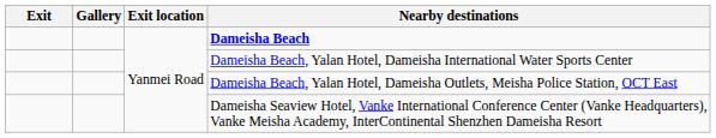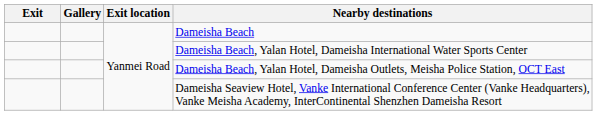 <table class="wikitable">
 <tr>
 <th style="width:70px">Exit</th>
 <th>Gallery</th>
 <th>Exit location</th>
 <th>Nearby destinations</th>
 </tr>
 <tr>
 <td align="center"></td>
 <td></td>
 <td align=center rowspan=4>Yanmei Road</td>
-<td><strong><a href='#'>Dameisha Beach</a></strong></td>
+<td><a href='#'>Dameisha Beach</a></td>
 </tr>
 <tr>
 <td align="center"></td>
 <td></td>
 <td><a href='#'>Dameisha Beach</a>, Yalan Hotel, Dameisha International Water Sports Center</td>
 </tr>
 <tr>
 <td align="center"></td>
 <td></td>
 <td><a href='#'>Dameisha Beach</a>, Yalan Hotel, Dameisha Outlets, Meisha Police Station, <a href='#'>OCT East</a></td>
 </tr>
 <tr>
 <td align="center"></td>
 <td></td>
 <td>Dameisha Seaview Hotel, <a href='#'>Vanke</a> International Conference Center (Vanke Headquarters),<br>Vanke Meisha Academy, InterContinental Shenzhen Dameisha Resort</td>
 </tr>
 </table>
